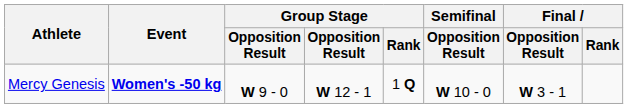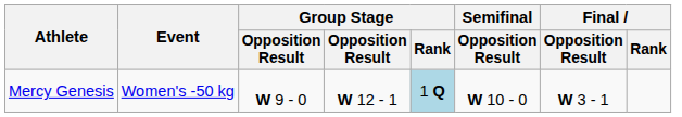 <table class="wikitable" style="font-size:90%;">
 <tr>
 <th rowspan=2>Athlete</th>
 <th rowspan=2>Event</th>
 <th colspan=3>Group Stage</th>
 <th>Semifinal</th>
 <th colspan=2>Final / </th>
 </tr>
 <tr style="font-size: 95%">
 <th>Opposition<br>Result</th>
 <th>Opposition<br>Result</th>
 <th>Rank</th>
 <th>Opposition<br>Result</th>
 <th>Opposition<br>Result</th>
 <th>Rank</th>
 </tr>
 <tr align=center>
 <td align=left><a href='#'>Mercy Genesis</a></td>
-<td align=left><strong><a href='#'>Women's -50 kg</a></strong></td>
+<td align=left><a href='#'>Women's -50 kg</a></td>
 <td><br><strong>W</strong> 9 - 0</td>
 <td><br><strong>W</strong> 12 - 1</td>
-<td>1 <strong>Q</strong></td>
+<td style="background: lightblue;">1 <strong>Q</strong></td>
 <td><br><strong>W</strong> 10 - 0</td>
 <td><br><strong>W</strong> 3 - 1</td>
 <td></td>
 </tr>
 </table>
